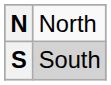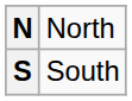 <table class="wikitable" style="font-size:85%">
 <tr>
 <th scope="row">N</th>
 <td>North</td>
 </tr>
 <tr>
 <th scope="row">S</th>
-<td style="background: lightgrey;">South</td>
+<td>South</td>
 </tr>
 </table>
